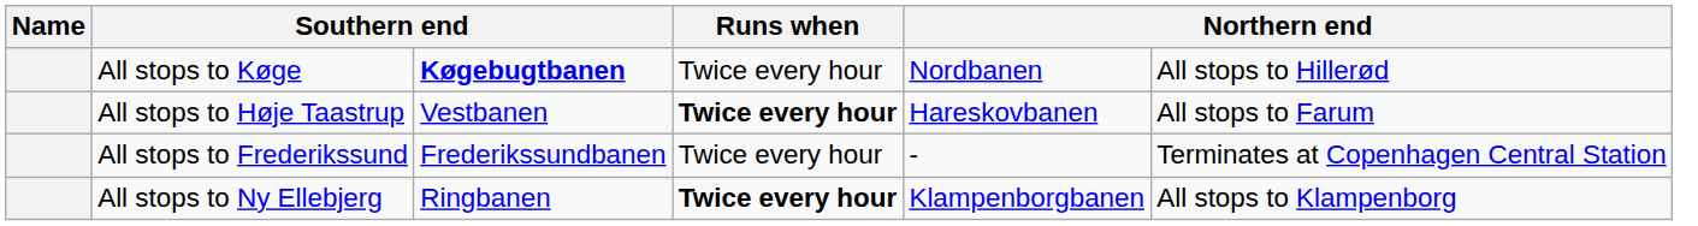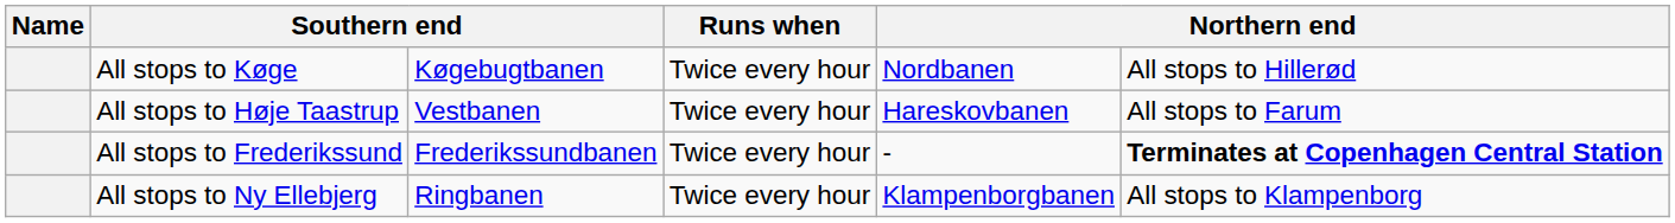 <table class="wikitable">
 <tr>
 <th>Name</th>
 <th colspan="2">Southern end</th>
 <th>Runs when</th>
 <th colspan="2">Northern end</th>
 </tr>
 <tr>
 <th></th>
 <td>All stops to <a href='#'>Køge</a></td>
-<td><strong><a href='#'>Køgebugtbanen</a></strong></td>
+<td><a href='#'>Køgebugtbanen</a></td>
 <td>Twice every hour</td>
 <td><a href='#'>Nordbanen</a></td>
 <td>All stops to <a href='#'>Hillerød</a></td>
 </tr>
 <tr>
 <th></th>
 <td>All stops to <a href='#'>Høje Taastrup</a></td>
 <td><a href='#'>Vestbanen</a></td>
-<td><strong>Twice every hour</strong></td>
+<td>Twice every hour</td>
 <td><a href='#'>Hareskovbanen</a></td>
 <td>All stops to <a href='#'>Farum</a></td>
 </tr>
 <tr>
 <th></th>
 <td>All stops to <a href='#'>Frederikssund</a></td>
 <td><a href='#'>Frederikssundbanen</a></td>
 <td>Twice every hour</td>
 <td>-</td>
-<td>Terminates at <a href='#'>Copenhagen Central Station</a></td>
+<td><strong>Terminates at <a href='#'>Copenhagen Central Station</a></strong></td>
 </tr>
 <tr>
 <th></th>
 <td>All stops to <a href='#'>Ny Ellebjerg</a></td>
 <td><a href='#'>Ringbanen</a></td>
-<td><strong>Twice every hour</strong></td>
+<td>Twice every hour</td>
 <td><a href='#'>Klampenborgbanen</a></td>
 <td>All stops to <a href='#'>Klampenborg</a></td>
 </tr>
 </table>
